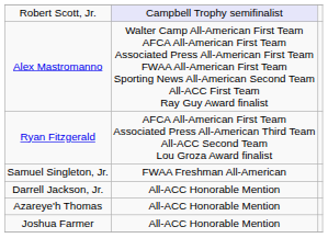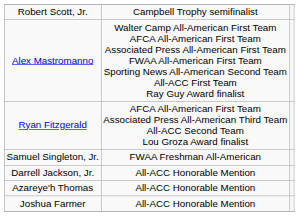 <table class="wikitable sortable sortable" style="text-align: center">
 <tr align=center>
 </tr>
 <tr>
 <td>Robert Scott, Jr.</td>
-<td style="background: lavender;">Campbell Trophy semifinalist</td>
+<td>Campbell Trophy semifinalist</td>
 <td></td>
 </tr>
 <tr>
 <td><a href='#'>Alex Mastromanno</a></td>
 <td>Walter Camp All-American First Team<br>AFCA All-American First Team<br>Associated Press All-American First Team<br>FWAA All-American First Team<br>Sporting News All-American Second Team<br>All-ACC First Team<br>Ray Guy Award finalist</td>
 <td></td>
 </tr>
 <tr>
 <td><a href='#'>Ryan Fitzgerald</a></td>
 <td>AFCA All-American First Team<br>Associated Press All-American Third Team<br>All-ACC Second Team<br>Lou Groza Award finalist</td>
 <td></td>
 </tr>
 <tr>
 <td>Samuel Singleton, Jr.</td>
 <td>FWAA Freshman All-American</td>
 <td></td>
 </tr>
 <tr>
 <td>Darrell Jackson, Jr.</td>
 <td>All-ACC Honorable Mention</td>
 <td></td>
 </tr>
 <tr>
 <td>Azareye'h Thomas</td>
 <td>All-ACC Honorable Mention</td>
 <td></td>
 </tr>
 <tr>
 <td>Joshua Farmer</td>
 <td>All-ACC Honorable Mention</td>
 <td></td>
 </tr>
 <tr>
 </tr>
 </table>
